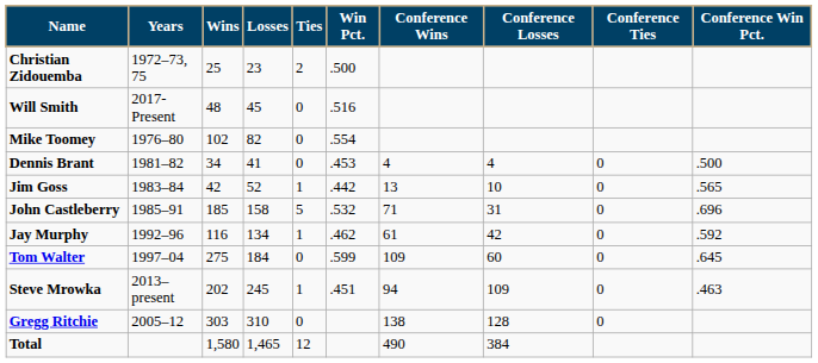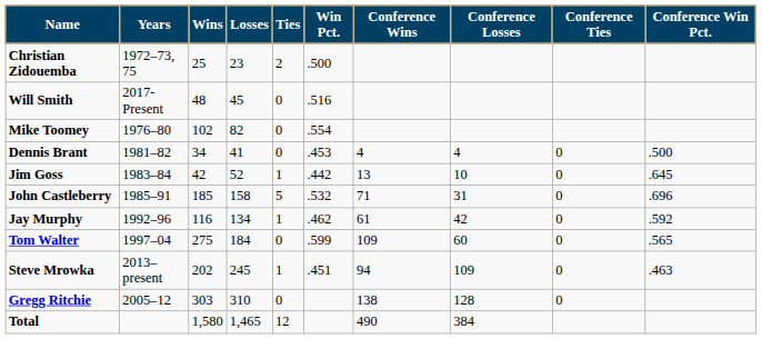 <table class="wikitable" border="1">
 <tr>
 <th style="background:#004065; color:white; border:2px solid #C8B18B;">Name</th>
 <th style="background:#004065; color:white; border:2px solid #C8B18B;">Years</th>
 <th style="background:#004065; color:white; border:2px solid #C8B18B;">Wins</th>
 <th style="background:#004065; color:white; border:2px solid #C8B18B;">Losses</th>
 <th style="background:#004065; color:white; border:2px solid #C8B18B;">Ties</th>
 <th style="background:#004065; color:white; border:2px solid #C8B18B;">Win Pct.</th>
 <th style="background:#004065; color:white; border:2px solid #C8B18B;">Conference Wins</th>
 <th style="background:#004065; color:white; border:2px solid #C8B18B;">Conference Losses</th>
 <th style="background:#004065; color:white; border:2px solid #C8B18B;">Conference Ties</th>
 <th style="background:#004065; color:white; border:2px solid #C8B18B;">Conference Win Pct.</th>
 </tr>
 <tr>
 <td><strong>Christian Zidouemba</strong></td>
 <td>1972–73, 75</td>
 <td>25</td>
 <td>23</td>
 <td>2</td>
 <td>.500</td>
 <td></td>
 <td></td>
 <td></td>
 <td></td>
 </tr>
 <tr>
 <td><strong>Will Smith</strong></td>
 <td>2017-Present</td>
 <td>48</td>
 <td>45</td>
 <td>0</td>
 <td>.516</td>
 <td></td>
 <td></td>
 <td></td>
 <td></td>
 </tr>
 <tr>
 <td><strong>Mike Toomey</strong></td>
 <td>1976–80</td>
 <td>102</td>
 <td>82</td>
 <td>0</td>
 <td>.554</td>
 <td></td>
 <td></td>
 <td></td>
 <td></td>
 </tr>
 <tr>
 <td><strong>Dennis Brant</strong></td>
 <td>1981–82</td>
 <td>34</td>
 <td>41</td>
 <td>0</td>
 <td>.453</td>
 <td>4</td>
 <td>4</td>
 <td>0</td>
 <td>.500</td>
 </tr>
 <tr>
 <td><strong>Jim Goss</strong></td>
 <td>1983–84</td>
 <td>42</td>
 <td>52</td>
 <td>1</td>
 <td>.442</td>
 <td>13</td>
 <td>10</td>
 <td>0</td>
-<td>.565</td>
+<td>.645</td>
 </tr>
 <tr>
 <td><strong>John Castleberry</strong></td>
 <td>1985–91</td>
 <td>185</td>
 <td>158</td>
 <td>5</td>
 <td>.532</td>
 <td>71</td>
 <td>31</td>
 <td>0</td>
 <td>.696</td>
 </tr>
 <tr>
 <td><strong>Jay Murphy</strong></td>
 <td>1992–96</td>
 <td>116</td>
 <td>134</td>
 <td>1</td>
 <td>.462</td>
 <td>61</td>
 <td>42</td>
 <td>0</td>
 <td>.592</td>
 </tr>
 <tr>
 <td><strong><a href='#'>Tom Walter</a></strong></td>
 <td>1997–04</td>
 <td>275</td>
 <td>184</td>
 <td>0</td>
 <td>.599</td>
 <td>109</td>
 <td>60</td>
 <td>0</td>
-<td>.645</td>
+<td>.565</td>
 </tr>
 <tr>
 <td><strong>Steve Mrowka</strong></td>
 <td>2013–present</td>
 <td>202</td>
 <td>245</td>
 <td>1</td>
 <td>.451</td>
 <td>94</td>
 <td>109</td>
 <td>0</td>
 <td>.463</td>
 </tr>
 <tr>
 <td><strong><a href='#'>Gregg Ritchie</a></strong></td>
 <td>2005–12</td>
 <td>303</td>
 <td>310</td>
 <td>0</td>
 <td></td>
 <td>138</td>
 <td>128</td>
 <td>0</td>
 <td></td>
 </tr>
 <tr>
 <td><strong>Total</strong></td>
 <td></td>
 <td>1,580</td>
 <td>1,465</td>
 <td>12</td>
 <td></td>
 <td>490</td>
 <td>384</td>
 <td></td>
 </tr>
 </table>
